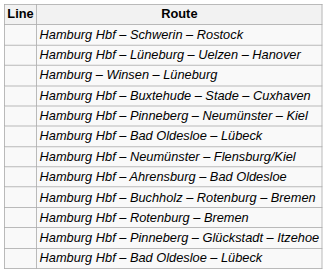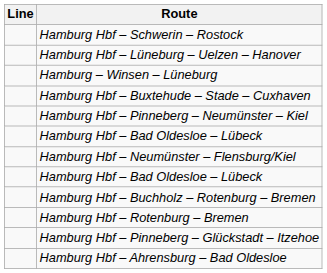 <table class="wikitable">
 <tr>
 <th>Line</th>
 <th>Route</th>
 </tr>
 <tr>
 <td></td>
 <td><em>Hamburg Hbf – Schwerin – Rostock</em></td>
 </tr>
 <tr>
 <td></td>
 <td><em>Hamburg Hbf – Lüneburg – Uelzen – Hanover</em></td>
 </tr>
 <tr>
 <td></td>
 <td><em>Hamburg – Winsen – Lüneburg</em></td>
 </tr>
 <tr>
 <td></td>
 <td><em>Hamburg Hbf – Buxtehude – Stade – Cuxhaven</em></td>
 </tr>
 <tr>
 <td></td>
 <td><em>Hamburg Hbf – Pinneberg – Neumünster – Kiel</em></td>
 </tr>
 <tr>
 <td></td>
 <td><em>Hamburg Hbf – Bad Oldesloe – Lübeck</em></td>
 </tr>
 <tr>
 <td></td>
 <td><em>Hamburg Hbf – Neumünster – Flensburg/Kiel</em></td>
 </tr>
 <tr>
 <td></td>
-<td><em>Hamburg Hbf – Ahrensburg – Bad Oldesloe</em></td>
+<td><em>Hamburg Hbf – Bad Oldesloe – Lübeck</em></td>
 </tr>
 <tr>
 <td></td>
 <td><em>Hamburg Hbf – Buchholz – Rotenburg – Bremen</em></td>
 </tr>
 <tr>
 <td></td>
 <td><em>Hamburg Hbf – Rotenburg – Bremen</em></td>
 </tr>
 <tr>
 <td></td>
 <td><em>Hamburg Hbf – Pinneberg – Glückstadt – Itzehoe</em></td>
 </tr>
 <tr>
 <td></td>
-<td><em>Hamburg Hbf – Bad Oldesloe – Lübeck</em></td>
+<td><em>Hamburg Hbf – Ahrensburg – Bad Oldesloe</em></td>
 </tr>
 </table>
